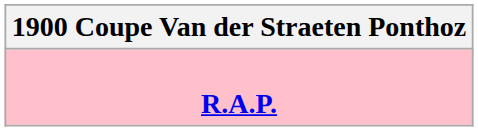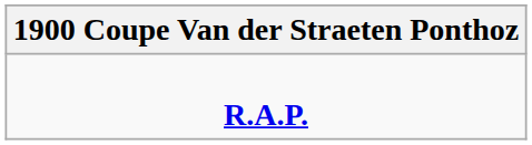 <table class="wikitable" style="text-align: center; margin: 0 auto;">
 <tr>
 <th>1900 Coupe Van der Straeten Ponthoz</th>
 </tr>
 <tr>
-<td style="background: pink;"><br><strong><a href='#'>R.A.P.</a></strong></td>
+<td><br><strong><a href='#'>R.A.P.</a></strong></td>
 </tr>
 </table>
